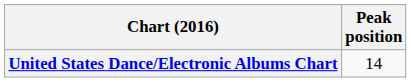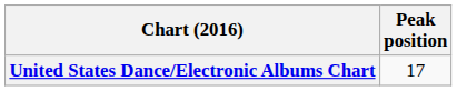 <table class="wikitable plainrowheaders">
 <tr>
 <th scope="col">Chart (2016)</th>
 <th scope="col">Peak<br>position</th>
 </tr>
 <tr>
 <th scope="row"><a href='#'>United States Dance/Electronic Albums Chart</a></th>
-<td align=center>14</td>
+<td align=center>17</td>
 </tr>
 </table>
